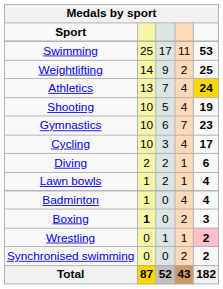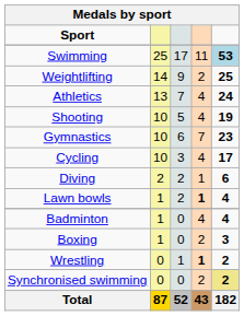 <table class="wikitable" style="font-size:85%; float:right">
 <tr style="background:#efefef;">
 <th colspan=7><strong>Medals by sport</strong></th>
 </tr>
 <tr align=center>
 <td><strong>Sport</strong></td>
 <td bgcolor=#f7f6a8></td>
 <td bgcolor=#dce5e5></td>
 <td bgcolor=#ffdab9></td>
 <td></td>
 </tr>
 <tr>
 </tr>
 <tr align=center>
 <td><a href='#'>Swimming</a></td>
 <td style="Background:#F7F6A8;">25</td>
 <td style="background:#DCE5E5;">17</td>
 <td style="background:#FFDAB9;">11</td>
-<td><strong>53</strong></td>
+<td style="background: lightblue;"><strong>53</strong></td>
 </tr>
 <tr align=center>
 <td><a href='#'>Weightlifting</a></td>
 <td style="Background:#F7F6A8;">14</td>
 <td style="background:#DCE5E5;">9</td>
 <td style="background:#FFDAB9;">2</td>
 <td><strong>25</strong></td>
 </tr>
 <tr align=center>
 <td><a href='#'>Athletics</a></td>
 <td style="Background:#F7F6A8;">13</td>
 <td style="background:#DCE5E5;">7</td>
 <td style="background:#FFDAB9;">4</td>
-<td style="background: gold;"><strong>24</strong></td>
+<td><strong>24</strong></td>
 </tr>
 <tr align=center>
 <td><a href='#'>Shooting</a></td>
 <td style="Background:#F7F6A8;">10</td>
 <td style="background:#DCE5E5;">5</td>
 <td style="background:#FFDAB9;">4</td>
 <td><strong>19</strong></td>
 </tr>
 <tr align=center>
 <td><a href='#'>Gymnastics</a></td>
 <td style="Background:#F7F6A8;">10</td>
 <td style="background:#DCE5E5;">6</td>
 <td style="background:#FFDAB9;">7</td>
 <td><strong>23</strong></td>
 </tr>
 <tr align=center>
 <td><a href='#'>Cycling</a></td>
 <td style="Background:#F7F6A8;">10</td>
 <td style="background:#DCE5E5;">3</td>
 <td style="background:#FFDAB9;">4</td>
 <td><strong>17</strong></td>
 </tr>
 <tr align=center>
 <td><a href='#'>Diving</a></td>
 <td style="Background:#F7F6A8;">2</td>
 <td style="background:#DCE5E5;">2</td>
 <td style="background:#FFDAB9;">1</td>
 <td><strong>6</strong></td>
 </tr>
 <tr align=center>
 <td><a href='#'>Lawn bowls</a></td>
 <td style="Background:#F7F6A8;">1</td>
 <td style="background:#DCE5E5;">2</td>
-<td style="background:#FFDAB9;">1</td>
+<td style="background:#FFDAB9;"><strong>1</strong></td>
 <td><strong>4</strong></td>
 </tr>
 <tr align=center>
 </tr>
 <tr align=center>
 <td><a href='#'>Badminton</a></td>
 <td style="Background:#F7F6A8;">1</td>
 <td style="background:#DCE5E5;">0</td>
 <td style="background:#FFDAB9;">4</td>
 <td><strong>4</strong></td>
 </tr>
 <tr align=center>
 <td><a href='#'>Boxing</a></td>
-<td style="Background:#F7F6A8;"><strong>1</strong></td>
+<td style="Background:#F7F6A8;">1</td>
 <td style="background:#DCE5E5;">0</td>
 <td style="background:#FFDAB9;">2</td>
 <td><strong>3</strong></td>
 </tr>
 <tr align=center>
 <td><a href='#'>Wrestling</a></td>
 <td style="Background:#F7F6A8;">0</td>
 <td style="background:#DCE5E5;">1</td>
-<td style="background:#FFDAB9;">1</td>
-<td style="background: pink;"><strong>2</strong></td>
+<td style="background:#FFDAB9;"><strong>1</strong></td>
+<td><strong>2</strong></td>
 </tr>
 <tr align=center>
 <td><a href='#'>Synchronised swimming</a></td>
 <td style="Background:#F7F6A8;">0</td>
 <td style="background:#DCE5E5;">0</td>
 <td style="background:#FFDAB9;">2</td>
-<td><strong>2</strong></td>
+<td style="background: khaki;"><strong>2</strong></td>
 </tr>
 <tr align=center>
 <th>Total</th>
 <th style="background:gold;">87</th>
 <th style="background:silver;">52</th>
 <th style="background:#c96;">43</th>
 <th>182</th>
 </tr>
 </table>
